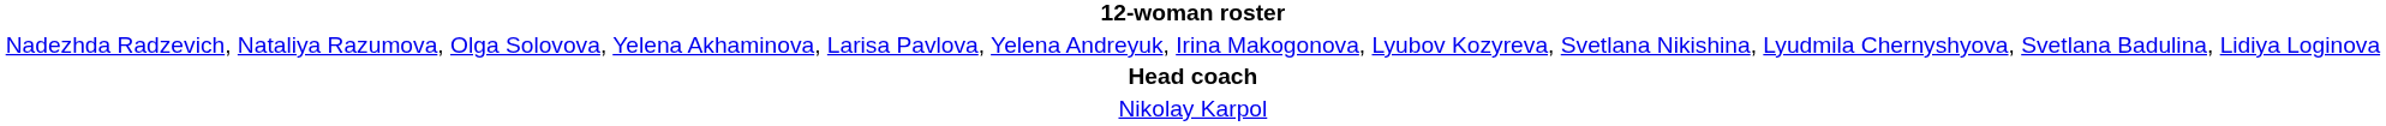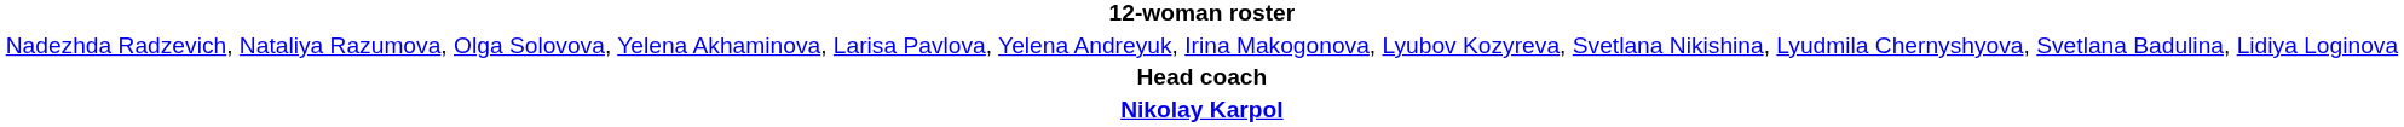 <table style="text-align:center; margin-top:2em; margin-left:auto; margin-right:auto">
 <tr>
 <td><strong>12-woman roster</strong></td>
 </tr>
 <tr>
 <td><a href='#'>Nadezhda Radzevich</a>, <a href='#'>Nataliya Razumova</a>, <a href='#'>Olga Solovova</a>, <a href='#'>Yelena Akhaminova</a>, <a href='#'>Larisa Pavlova</a>, <a href='#'>Yelena Andreyuk</a>, <a href='#'>Irina Makogonova</a>, <a href='#'>Lyubov Kozyreva</a>, <a href='#'>Svetlana Nikishina</a>, <a href='#'>Lyudmila Chernyshyova</a>, <a href='#'>Svetlana Badulina</a>, <a href='#'>Lidiya Loginova</a></td>
 </tr>
 <tr>
 <td><strong>Head coach</strong></td>
 </tr>
 <tr>
-<td><a href='#'>Nikolay Karpol</a></td>
+<td><strong><a href='#'>Nikolay Karpol</a></strong></td>
 </tr>
 </table>
